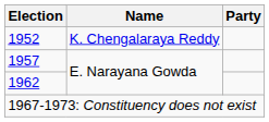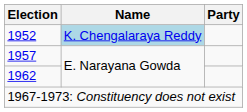 <table class="wikitable sortable">
 <tr>
 <th>Election</th>
 <th>Name</th>
 <th colspan=2>Party</th>
 </tr>
 <tr>
 <td><a href='#'>1952</a></td>
-<td><a href='#'>K. Chengalaraya Reddy</a></td>
+<td style="background: lightblue;"><a href='#'>K. Chengalaraya Reddy</a></td>
 <td></td>
 </tr>
 <tr>
 <td><a href='#'>1957</a></td>
 <td rowspan="2">E. Narayana Gowda</td>
 <td></td>
 </tr>
 <tr>
 <td><a href='#'>1962</a></td>
 </tr>
 <tr>
 <td colspan=4>1967-1973: <em>Constituency does not exist</em></td>
 </tr>
 </table>
